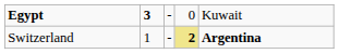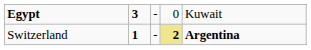 <table class="wikitable">
 <tr>
 <td width=150> <strong>Egypt</strong></td>
 <td style="width:20px; text-align:left;"><strong>3</strong></td>
 <td>-</td>
 <td style="width:20px; text-align:right;">0</td>
 <td width=150> Kuwait</td>
 </tr>
 <tr>
 <td> Switzerland</td>
-<td style="text-align:left;">1</td>
+<td style="text-align:left;"><strong>1</strong></td>
 <td>-</td>
 <td style="background: khaki; text-align:right;"><strong>2</strong></td>
 <td> <strong>Argentina</strong></td>
 </tr>
 </table>
